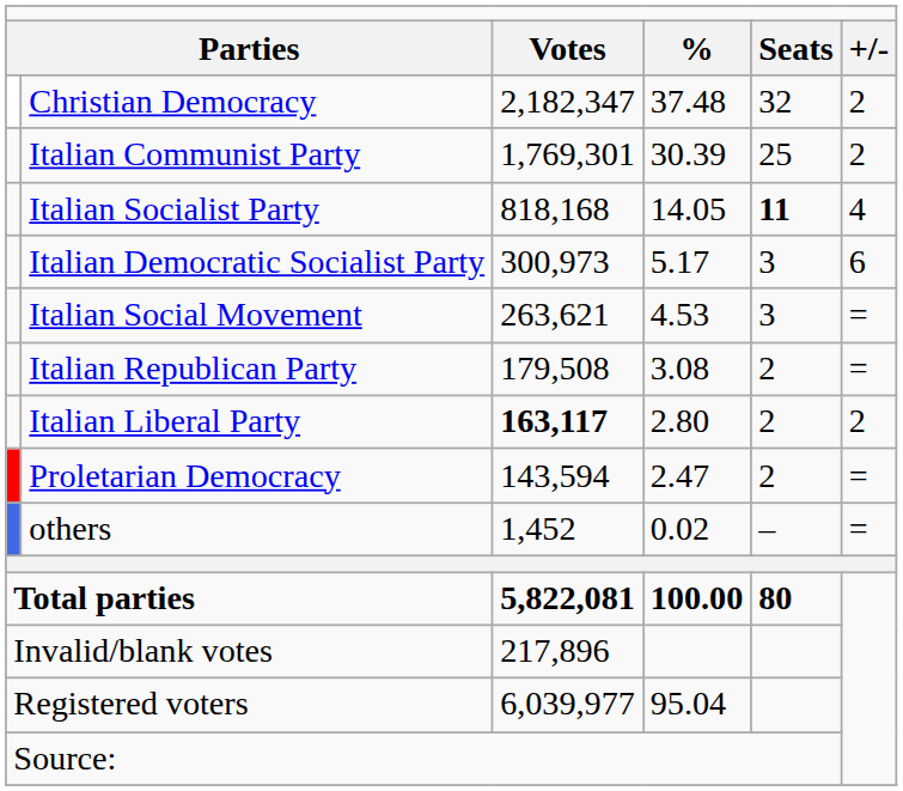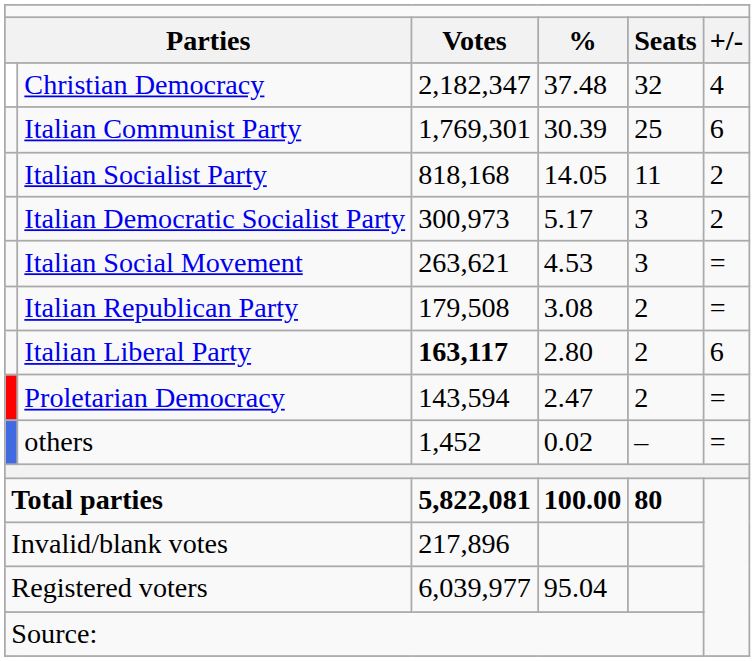 <table class="wikitable">
 <tr>
 <td colspan="6"></td>
 </tr>
 <tr>
 <th colspan="2">Parties</th>
 <th>Votes</th>
 <th>%</th>
 <th>Seats</th>
 <th>+/-</th>
 </tr>
 <tr>
 <td bgcolor="white"></td>
 <td><a href='#'>Christian Democracy</a></td>
 <td>2,182,347</td>
 <td>37.48</td>
 <td>32</td>
-<td>2</td>
+<td>4</td>
 </tr>
 <tr>
 <td></td>
 <td><a href='#'>Italian Communist Party</a></td>
 <td>1,769,301</td>
 <td>30.39</td>
 <td>25</td>
-<td>2</td>
+<td>6</td>
 </tr>
 <tr>
 <td></td>
 <td align="left"><a href='#'>Italian Socialist Party</a></td>
 <td>818,168</td>
 <td>14.05</td>
-<td><strong>11</strong></td>
-<td>4</td>
+<td>11</td>
+<td>2</td>
 </tr>
 <tr>
 <td></td>
 <td align="left"><a href='#'>Italian Democratic Socialist Party</a></td>
 <td>300,973</td>
 <td>5.17</td>
 <td>3</td>
-<td>6</td>
+<td>2</td>
 </tr>
 <tr>
 <td></td>
 <td align="left"><a href='#'>Italian Social Movement</a></td>
 <td>263,621</td>
 <td>4.53</td>
 <td>3</td>
 <td>=</td>
 </tr>
 <tr>
 <td></td>
 <td align="left"><a href='#'>Italian Republican Party</a></td>
 <td>179,508</td>
 <td>3.08</td>
 <td>2</td>
 <td>=</td>
 </tr>
 <tr>
 <td></td>
 <td align="left"><a href='#'>Italian Liberal Party</a></td>
 <td><strong>163,117</strong></td>
 <td>2.80</td>
 <td>2</td>
-<td>2</td>
+<td>6</td>
 </tr>
 <tr>
 <td bgcolor="red"></td>
 <td align="left"><a href='#'>Proletarian Democracy</a></td>
 <td>143,594</td>
 <td>2.47</td>
 <td>2</td>
 <td>=</td>
 </tr>
 <tr>
 <td bgcolor="royalblue"></td>
 <td align="left">others</td>
 <td>1,452</td>
 <td>0.02</td>
 <td>–</td>
 <td>=</td>
 </tr>
 <tr>
 <th colspan="6"></th>
 </tr>
 <tr>
 <td colspan="2" align="left"><strong>Total parties</strong></td>
 <td><strong>5,822,081</strong></td>
 <td><strong>100.00</strong></td>
 <td><strong>80</strong></td>
 </tr>
 <tr>
 <td colspan="2">Invalid/blank votes</td>
 <td>217,896</td>
 <td></td>
 <td></td>
 </tr>
 <tr>
 <td colspan="2">Registered voters</td>
 <td>6,039,977</td>
 <td>95.04</td>
 <td></td>
 </tr>
 <tr>
 <td colspan="5">Source: </td>
 </tr>
 </table>
